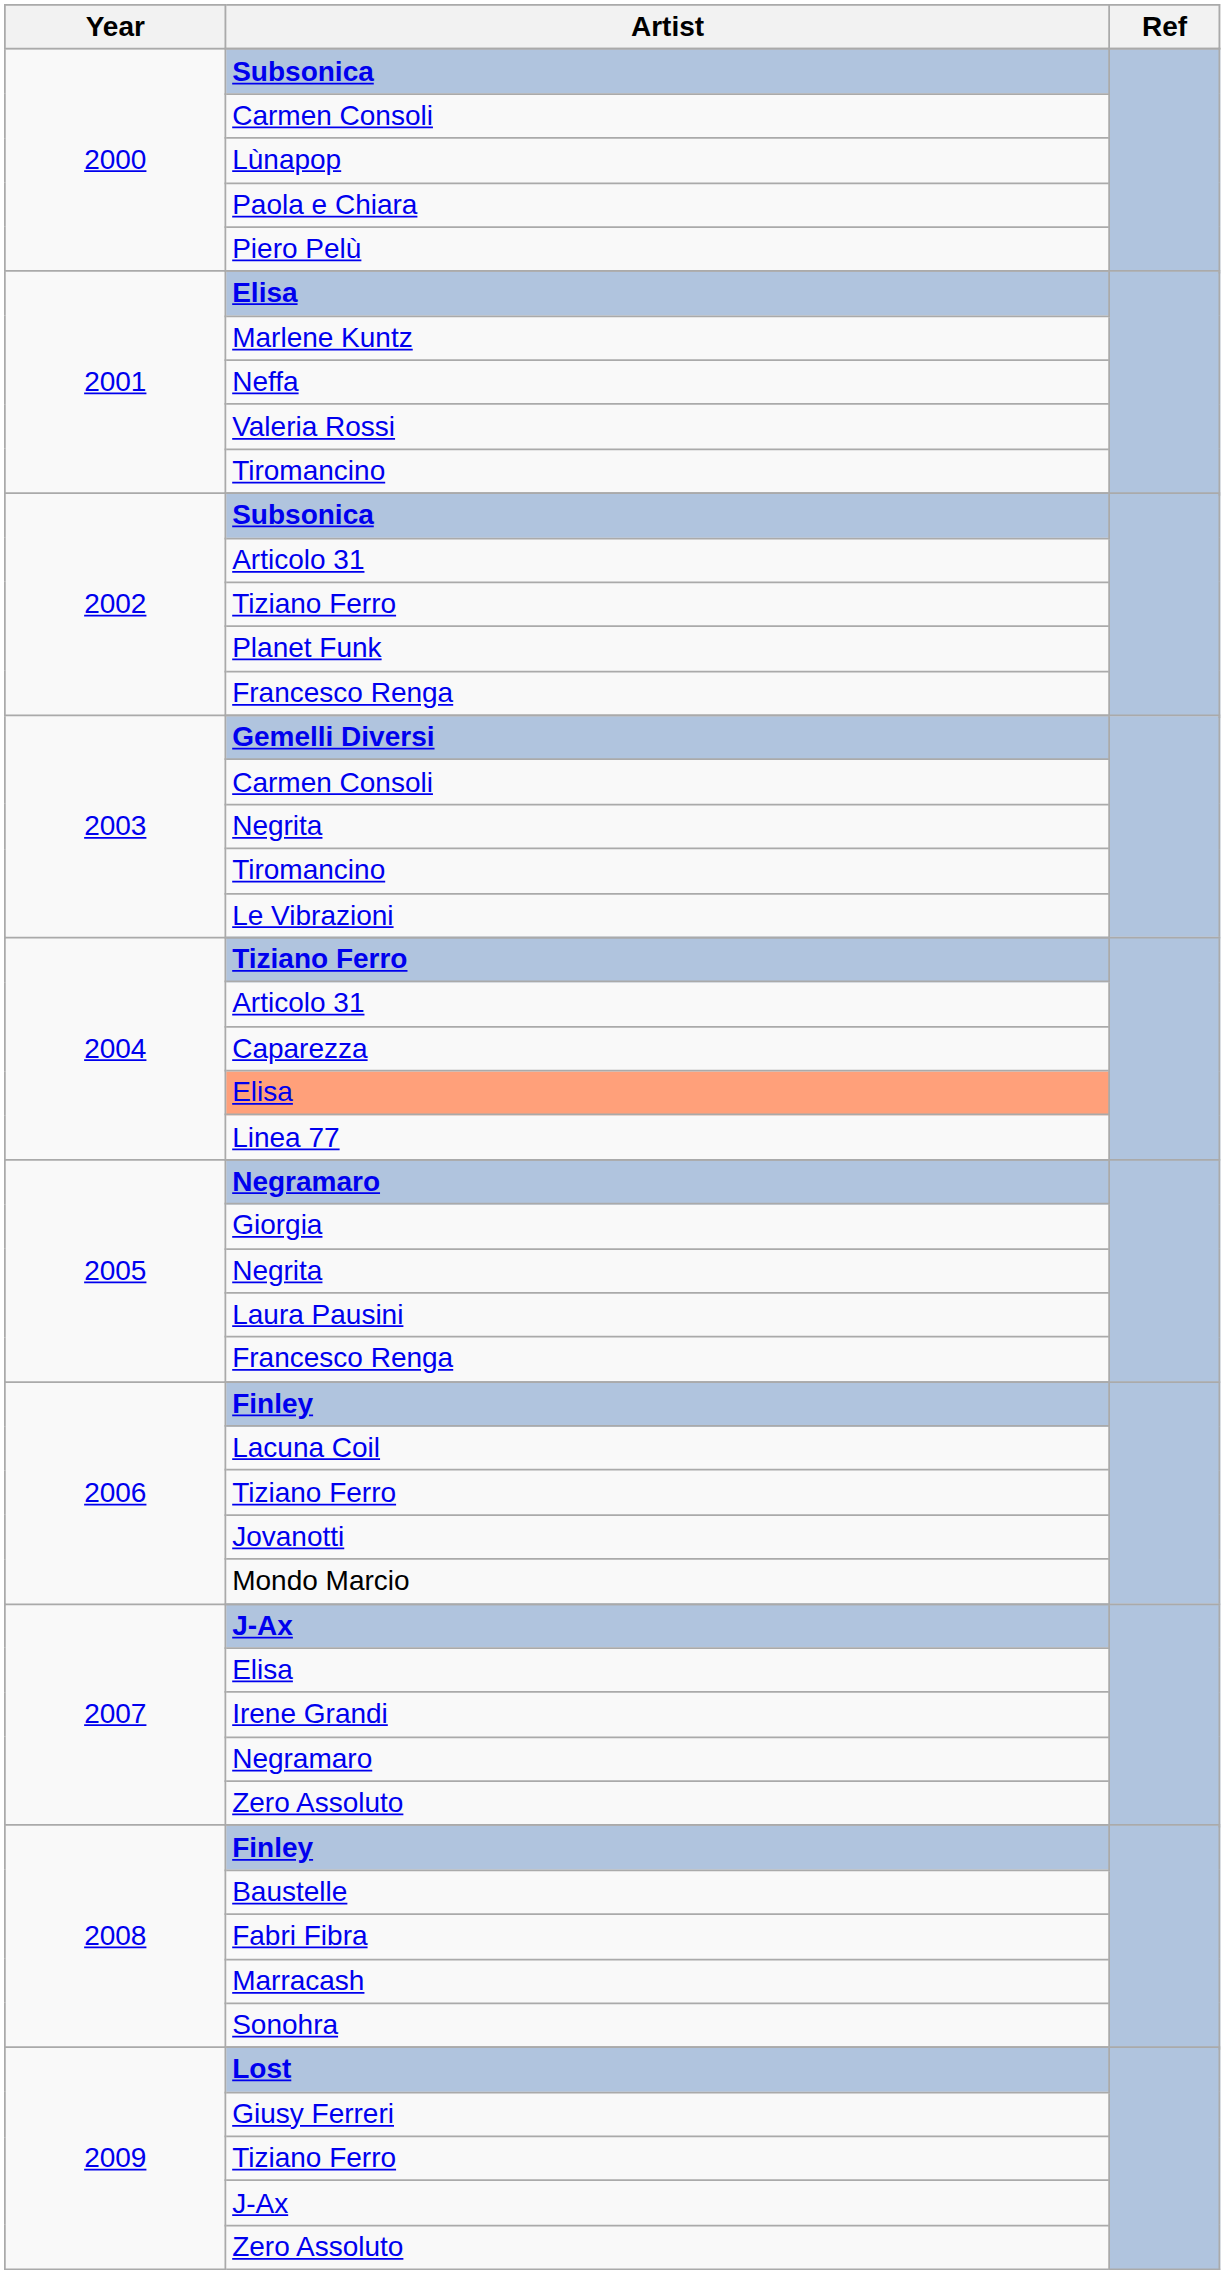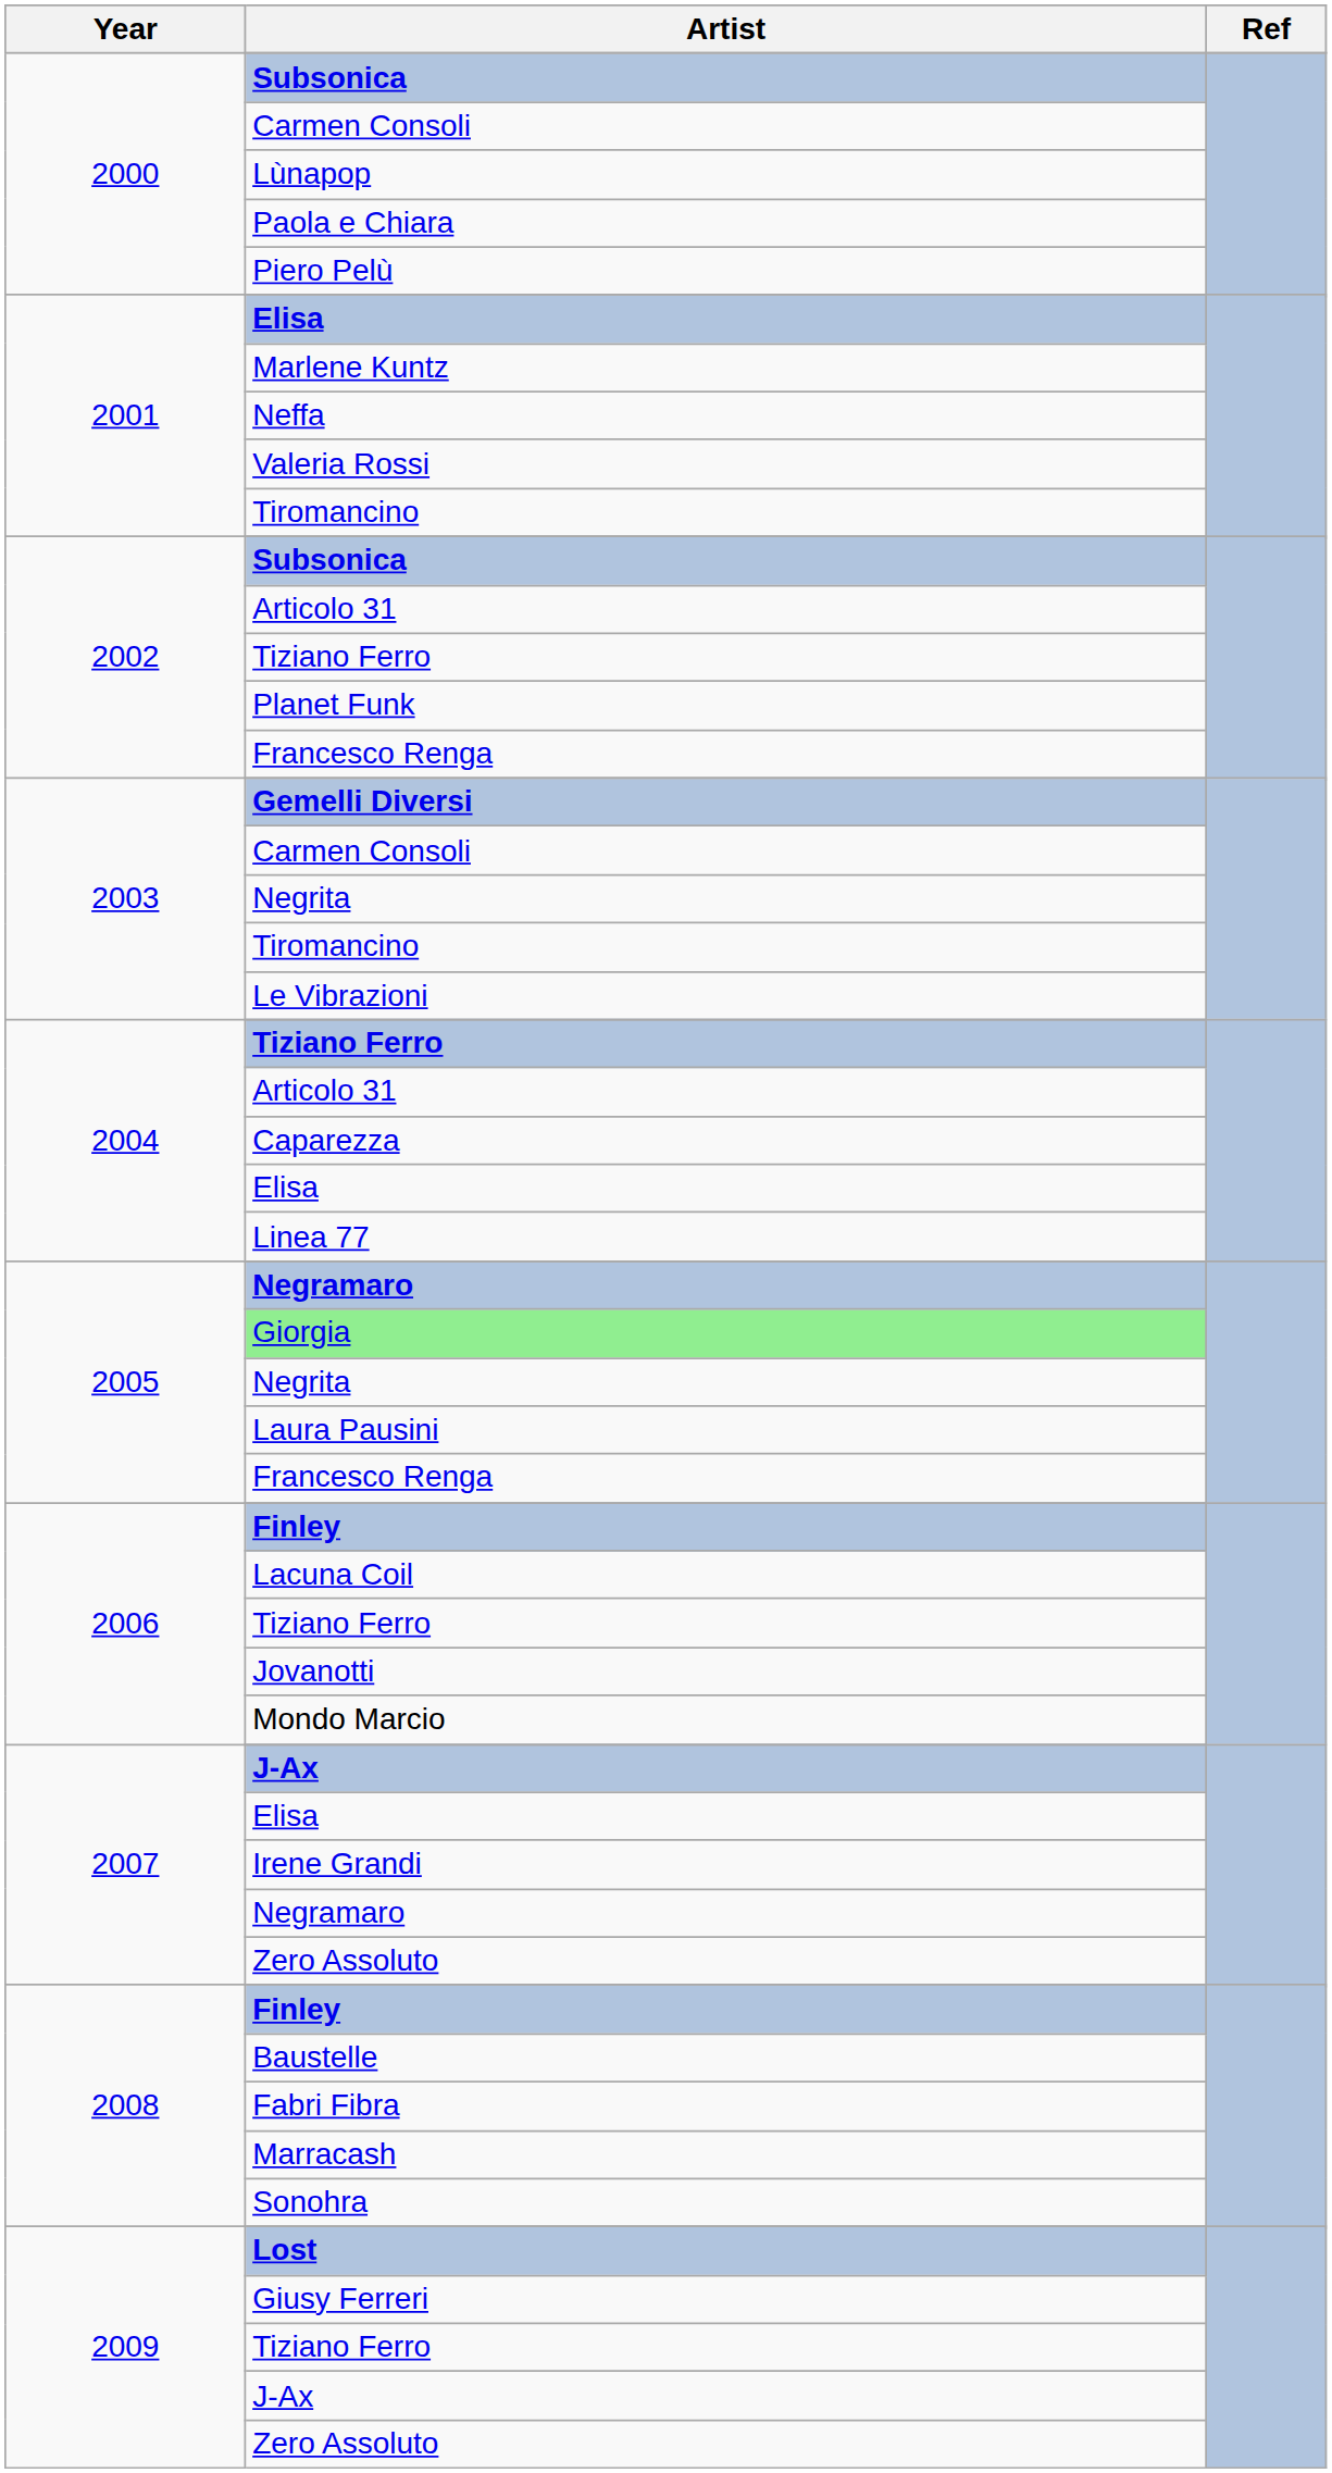 <table class="wikitable" style="width:55%;">
 <tr style="background:#bebebe;">
 <th style="width:10%;">Year</th>
 <th style="width:40%;">Artist</th>
 <th style="width:5%;">Ref</th>
 </tr>
 <tr>
 <td rowspan="6" align="center"><a href='#'>2000</a></td>
 </tr>
 <tr style="background:#B0C4DE">
 <td><strong><a href='#'>Subsonica</a></strong></td>
 <td rowspan="6" align="center"></td>
 </tr>
 <tr>
 <td><a href='#'>Carmen Consoli</a></td>
 </tr>
 <tr>
 <td><a href='#'>Lùnapop</a></td>
 </tr>
 <tr>
 <td><a href='#'>Paola e Chiara</a></td>
 </tr>
 <tr>
 <td><a href='#'>Piero Pelù</a></td>
 </tr>
 <tr>
 <td rowspan="6" align="center"><a href='#'>2001</a></td>
 </tr>
 <tr style="background:#B0C4DE">
 <td><strong><a href='#'>Elisa</a> </strong></td>
 <td rowspan="6" align="center"></td>
 </tr>
 <tr>
 <td><a href='#'>Marlene Kuntz</a></td>
 </tr>
 <tr>
 <td><a href='#'>Neffa</a></td>
 </tr>
 <tr>
 <td><a href='#'>Valeria Rossi</a></td>
 </tr>
 <tr>
 <td><a href='#'>Tiromancino</a></td>
 </tr>
 <tr>
 <td rowspan="6" align="center"><a href='#'>2002</a></td>
 </tr>
 <tr style="background:#B0C4DE">
 <td><strong><a href='#'>Subsonica</a></strong></td>
 <td rowspan="6" align="center"></td>
 </tr>
 <tr>
 <td><a href='#'>Articolo 31</a></td>
 </tr>
 <tr>
 <td><a href='#'>Tiziano Ferro</a></td>
 </tr>
 <tr>
 <td><a href='#'>Planet Funk</a></td>
 </tr>
 <tr>
 <td><a href='#'>Francesco Renga</a></td>
 </tr>
 <tr>
 <td rowspan="6" align="center"><a href='#'>2003</a></td>
 </tr>
 <tr style="background:#B0C4DE">
 <td><strong><a href='#'>Gemelli Diversi</a></strong></td>
 <td rowspan="6" align="center"></td>
 </tr>
 <tr>
 <td><a href='#'>Carmen Consoli</a></td>
 </tr>
 <tr>
 <td><a href='#'>Negrita</a></td>
 </tr>
 <tr>
 <td><a href='#'>Tiromancino</a></td>
 </tr>
 <tr>
 <td><a href='#'>Le Vibrazioni</a></td>
 </tr>
 <tr>
 <td rowspan="6" align="center"><a href='#'>2004</a></td>
 </tr>
 <tr style="background:#B0C4DE">
 <td><strong><a href='#'>Tiziano Ferro</a> </strong></td>
 <td rowspan="6" align="center"></td>
 </tr>
 <tr>
 <td><a href='#'>Articolo 31</a></td>
 </tr>
 <tr>
 <td><a href='#'>Caparezza</a></td>
 </tr>
 <tr>
-<td style="background: lightsalmon;"><a href='#'>Elisa</a></td>
+<td><a href='#'>Elisa</a></td>
 </tr>
 <tr>
 <td><a href='#'>Linea 77</a></td>
 </tr>
 <tr>
 <td rowspan="6" align="center"><a href='#'>2005</a></td>
 </tr>
 <tr style="background:#B0C4DE">
 <td><strong><a href='#'>Negramaro</a> </strong></td>
 <td rowspan="6" align="center"></td>
 </tr>
 <tr>
-<td><a href='#'>Giorgia</a></td>
+<td style="background: lightgreen;"><a href='#'>Giorgia</a></td>
 </tr>
 <tr>
 <td><a href='#'>Negrita</a></td>
 </tr>
 <tr>
 <td><a href='#'>Laura Pausini</a></td>
 </tr>
 <tr>
 <td><a href='#'>Francesco Renga</a></td>
 </tr>
 <tr>
 <td rowspan="6" align="center"><a href='#'>2006</a></td>
 </tr>
 <tr style="background:#B0C4DE">
 <td><strong><a href='#'>Finley</a></strong></td>
 <td rowspan="6" align="center"></td>
 </tr>
 <tr>
 <td><a href='#'>Lacuna Coil</a></td>
 </tr>
 <tr>
 <td><a href='#'>Tiziano Ferro</a></td>
 </tr>
 <tr>
 <td><a href='#'>Jovanotti</a></td>
 </tr>
 <tr>
 <td>Mondo Marcio</td>
 </tr>
 <tr>
 <td rowspan="6" align="center"><a href='#'>2007</a></td>
 </tr>
 <tr style="background:#B0C4DE">
 <td><strong><a href='#'>J-Ax</a> </strong></td>
 <td rowspan="6" align="center"></td>
 </tr>
 <tr>
 <td><a href='#'>Elisa</a></td>
 </tr>
 <tr>
 <td><a href='#'>Irene Grandi</a></td>
 </tr>
 <tr>
 <td><a href='#'>Negramaro</a></td>
 </tr>
 <tr>
 <td><a href='#'>Zero Assoluto</a></td>
 </tr>
 <tr>
 <td rowspan="6" align="center"><a href='#'>2008</a></td>
 </tr>
 <tr style="background:#B0C4DE">
 <td><strong><a href='#'>Finley</a></strong></td>
 <td rowspan="6" align="center"></td>
 </tr>
 <tr>
 <td><a href='#'>Baustelle</a></td>
 </tr>
 <tr>
 <td><a href='#'>Fabri Fibra</a></td>
 </tr>
 <tr>
 <td><a href='#'>Marracash</a></td>
 </tr>
 <tr>
 <td><a href='#'>Sonohra</a></td>
 </tr>
 <tr>
 <td rowspan="6" align="center"><a href='#'>2009</a></td>
 </tr>
 <tr style="background:#B0C4DE">
 <td><strong><a href='#'>Lost</a></strong></td>
 <td rowspan="6" align="center"></td>
 </tr>
 <tr>
 <td><a href='#'>Giusy Ferreri</a></td>
 </tr>
 <tr>
 <td><a href='#'>Tiziano Ferro</a></td>
 </tr>
 <tr>
 <td><a href='#'>J-Ax</a></td>
 </tr>
 <tr>
 <td><a href='#'>Zero Assoluto</a></td>
 </tr>
 </table>
